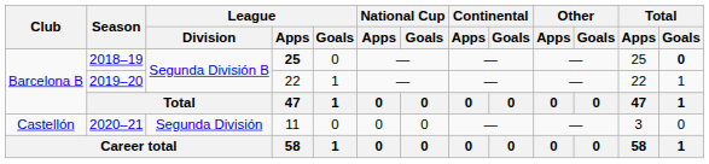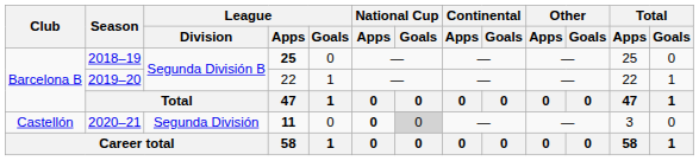 <table class="wikitable" style="text-align:center">
 <tr>
 <th rowspan="2">Club</th>
 <th rowspan="2">Season</th>
 <th colspan="3">League</th>
 <th colspan="2">National Cup</th>
 <th colspan="2">Continental</th>
 <th colspan="2">Other</th>
 <th colspan="2">Total</th>
 </tr>
 <tr>
 <th>Division</th>
 <th>Apps</th>
 <th>Goals</th>
 <th>Apps</th>
 <th>Goals</th>
 <th>Apps</th>
 <th>Goals</th>
 <th>Apps</th>
 <th>Goals</th>
 <th>Apps</th>
 <th>Goals</th>
 </tr>
 <tr>
 <td rowspan="3"><a href='#'>Barcelona B</a></td>
 <td><a href='#'>2018–19</a></td>
 <td rowspan="2"><a href='#'>Segunda División B</a></td>
 <td><strong>25</strong></td>
 <td>0</td>
 <td colspan="2">—</td>
 <td colspan="2">—</td>
 <td colspan="2">—</td>
 <td>25</td>
-<td><strong>0</strong></td>
+<td>0</td>
 </tr>
 <tr>
 <td><a href='#'>2019–20</a></td>
 <td>22</td>
 <td>1</td>
 <td colspan="2">—</td>
 <td colspan="2">—</td>
 <td colspan="2">—</td>
 <td>22</td>
 <td>1</td>
 </tr>
 <tr>
 <th colspan="2">Total</th>
 <th>47</th>
 <th>1</th>
 <th>0</th>
 <th>0</th>
 <th>0</th>
 <th>0</th>
 <th>0</th>
 <th>0</th>
 <th>47</th>
 <th>1</th>
 </tr>
 <tr>
 <td><a href='#'>Castellón</a></td>
 <td><a href='#'>2020–21</a></td>
 <td><a href='#'>Segunda División</a></td>
-<td>11</td>
+<td><strong>11</strong></td>
 <td>0</td>
-<td>0</td>
-<td>0</td>
+<td><strong>0</strong></td>
+<td style="background: lightgrey;">0</td>
 <td colspan="2">—</td>
 <td colspan="2">—</td>
 <td>3</td>
 <td>0</td>
 </tr>
 <tr>
 <th colspan="3">Career total</th>
 <th>58</th>
 <th>1</th>
 <th>0</th>
 <th>0</th>
 <th>0</th>
 <th>0</th>
 <th>0</th>
 <th>0</th>
 <th>58</th>
 <th>1</th>
 </tr>
 </table>
